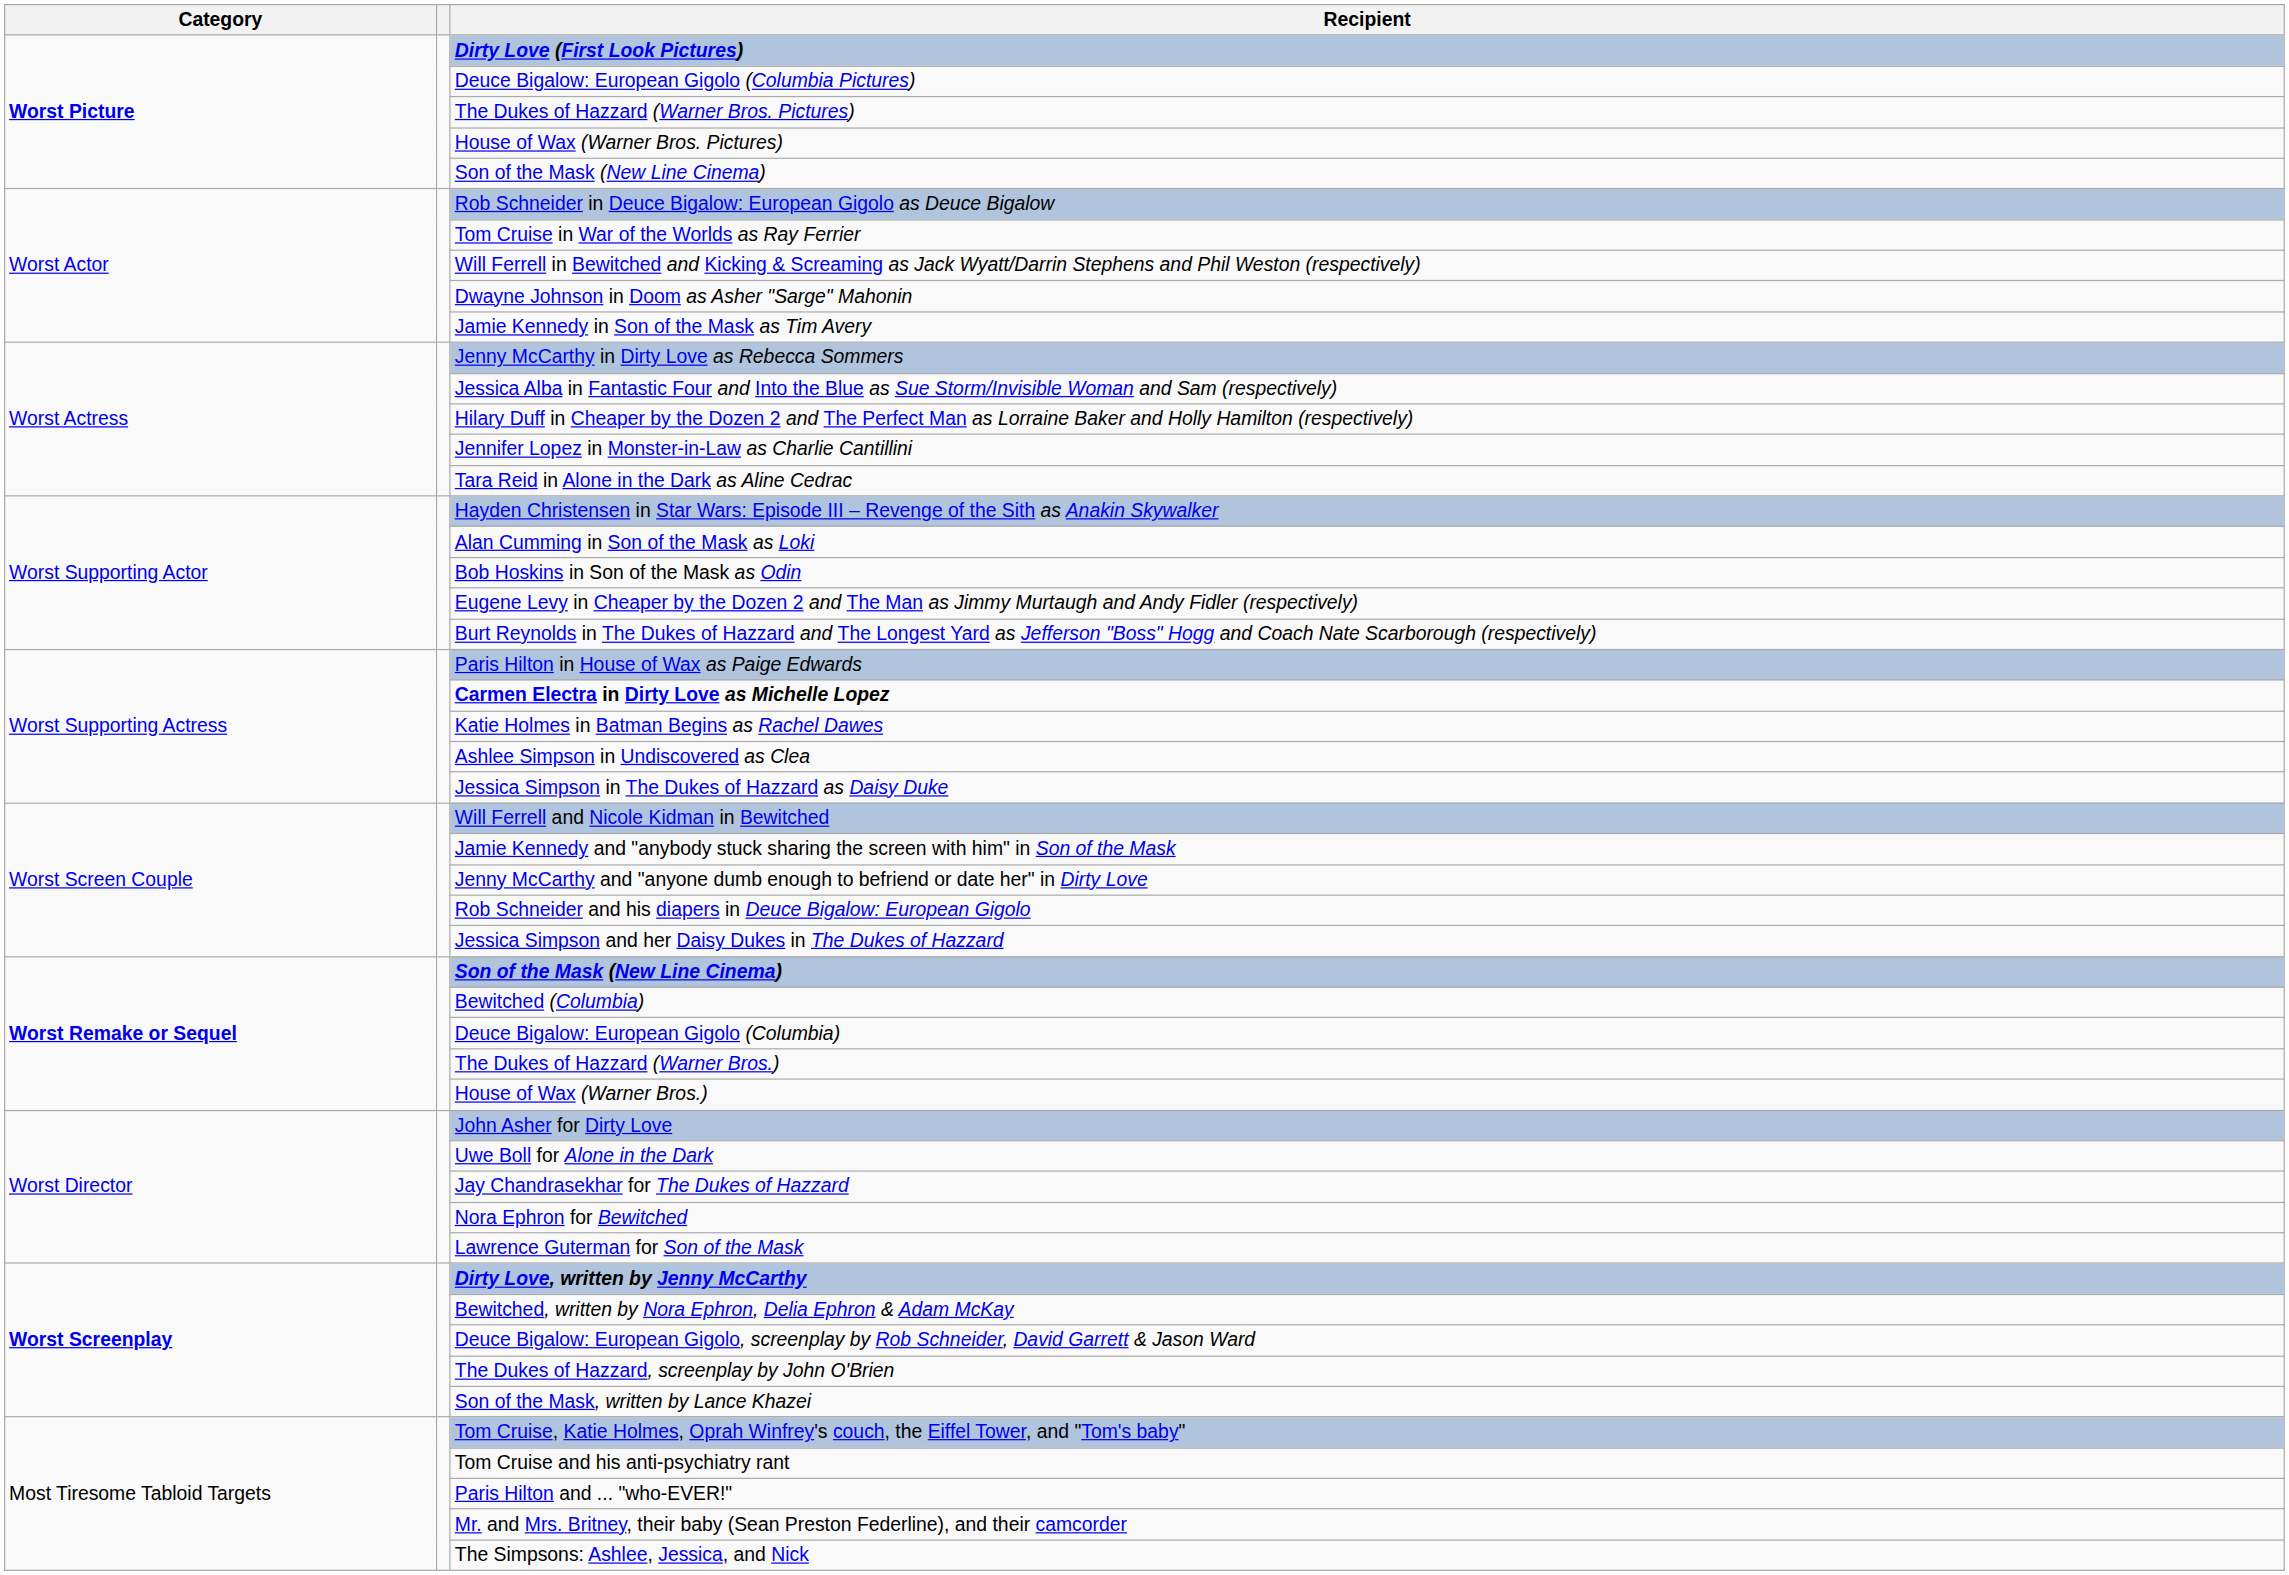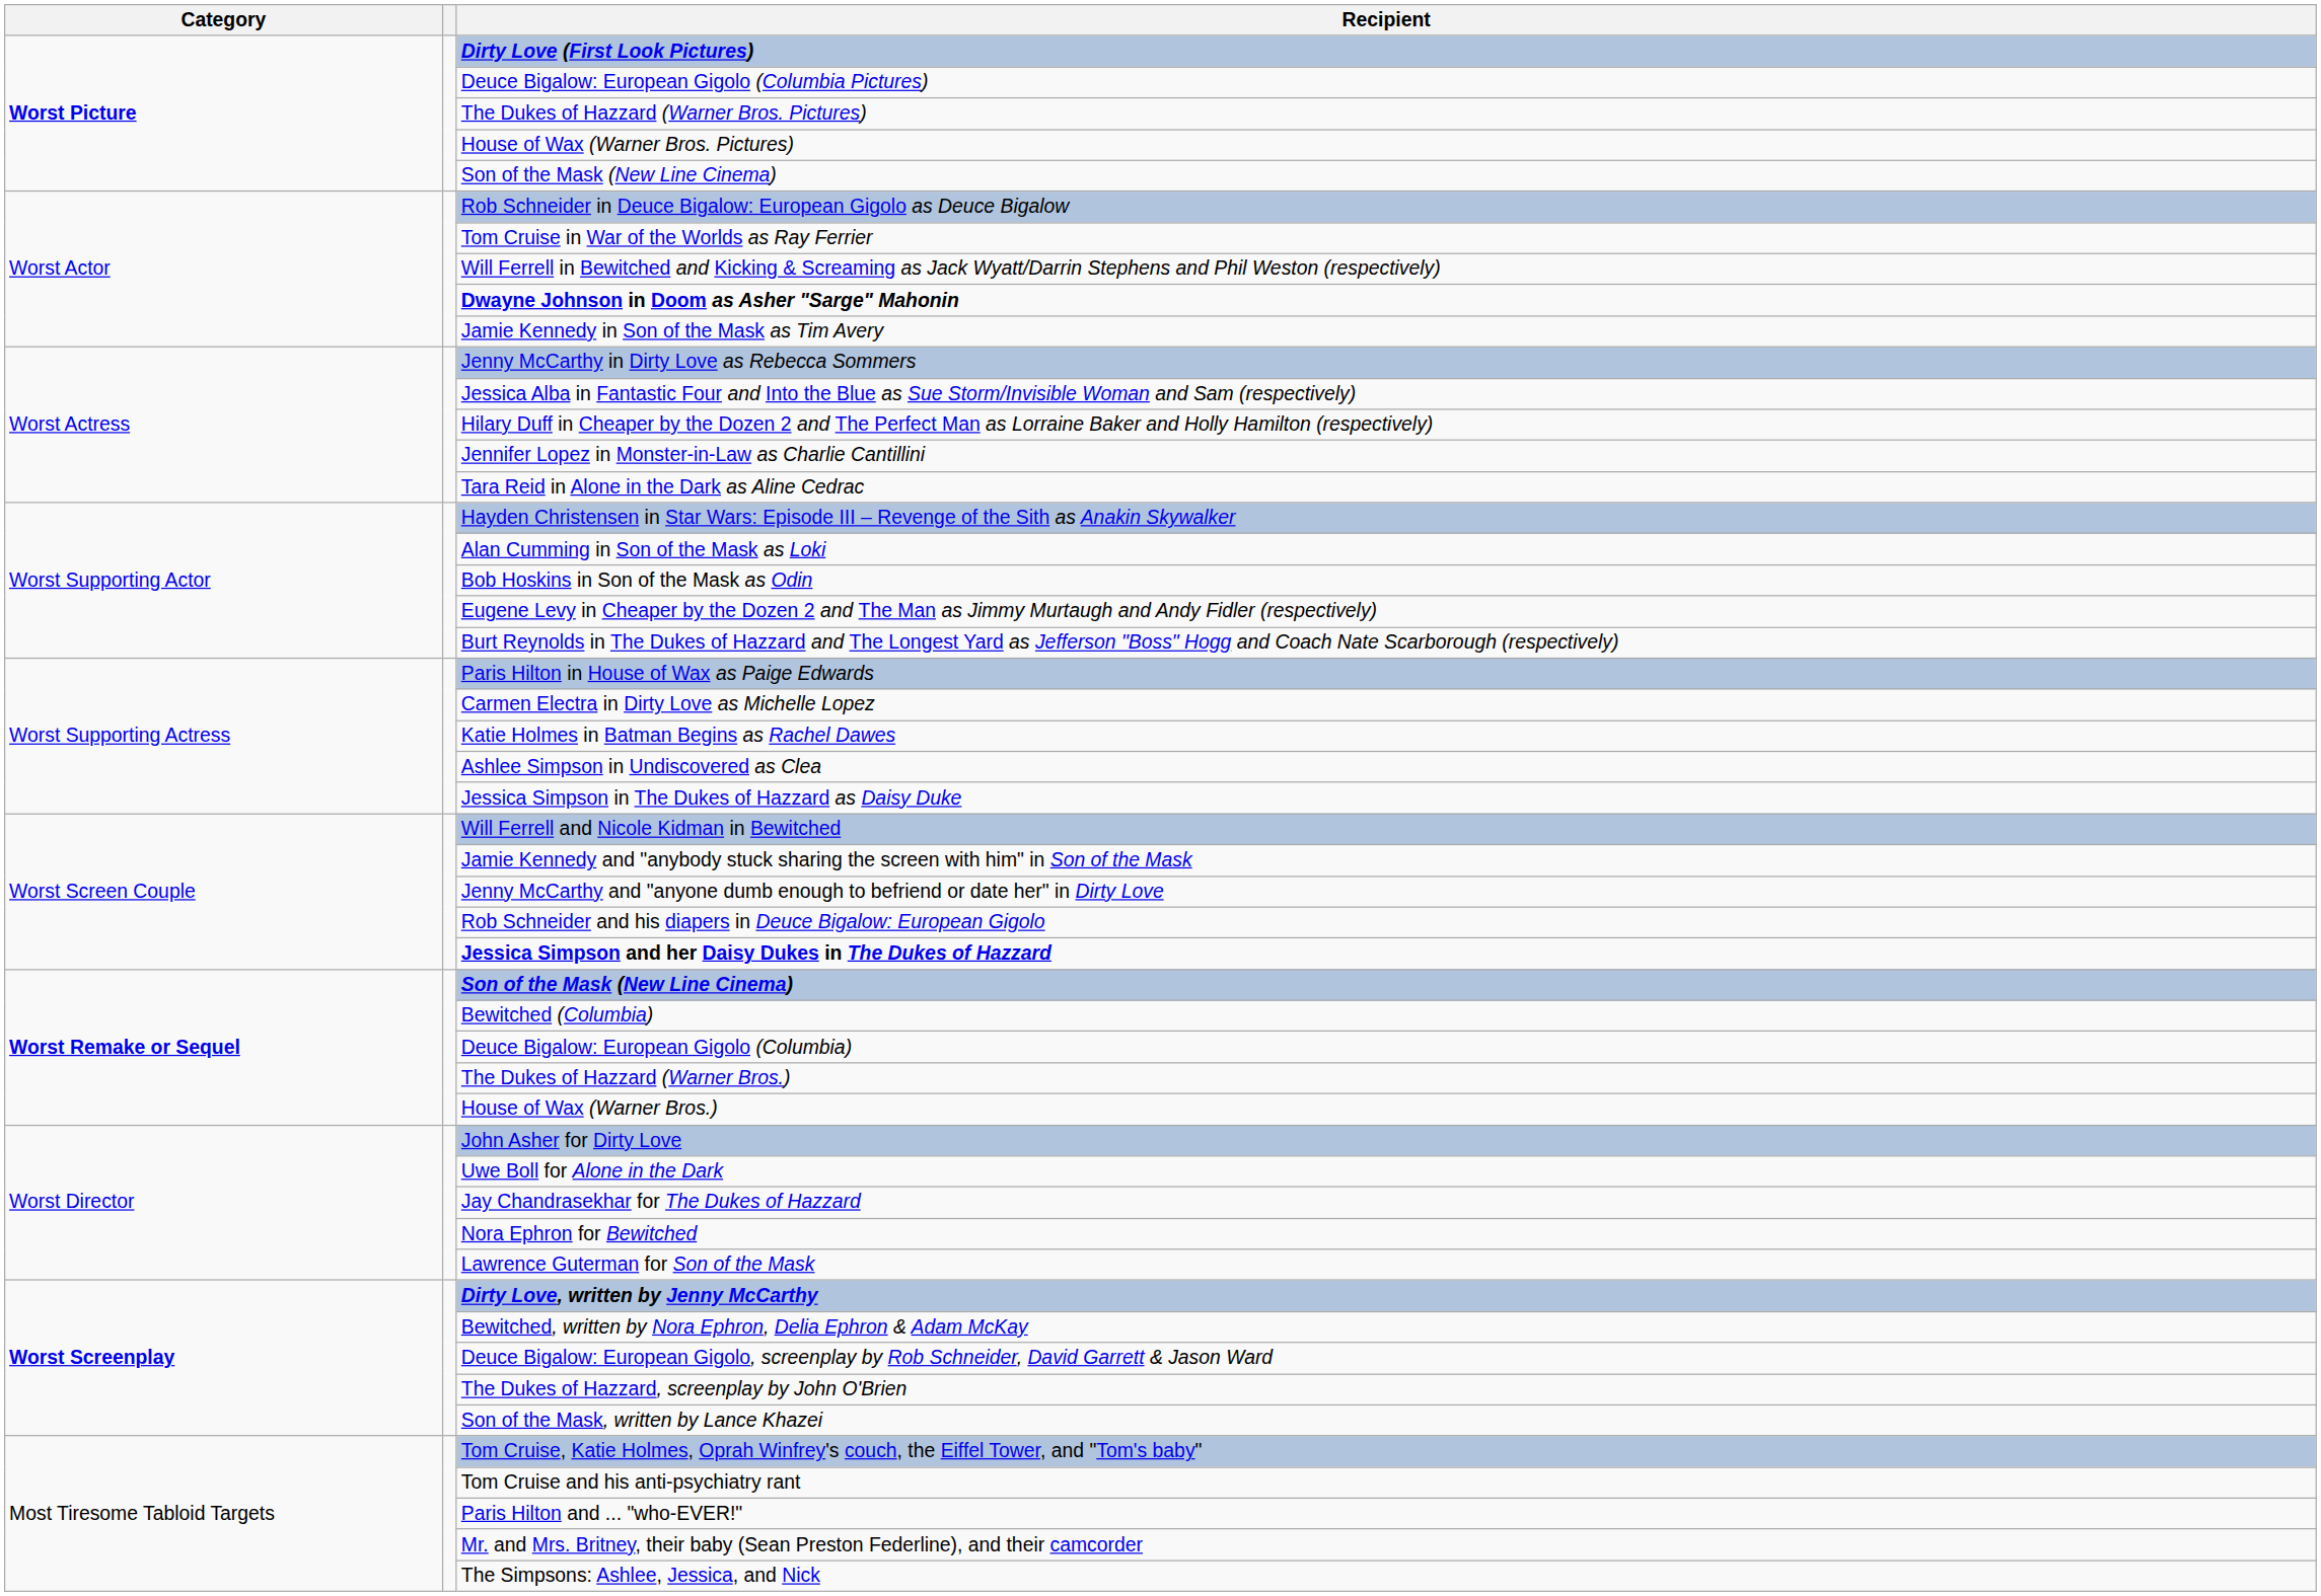 <table class="wikitable" width="95%" align="centre">
 <tr>
 <th>Category</th>
 <th></th>
 <th>Recipient</th>
 </tr>
 <tr>
 <td rowspan=5><strong><a href='#'>Worst Picture</a></strong></td>
 <td rowspan=5></td>
 <td style="background:#B0C4DE;"><strong><em><a href='#'>Dirty Love</a><em> (<a href='#'>First Look Pictures</a>)<strong></td>
 </tr>
 <tr>
 <td></em><a href='#'>Deuce Bigalow: European Gigolo</a><em> (<a href='#'>Columbia Pictures</a>)</td>
 </tr>
 <tr>
 <td></em><a href='#'>The Dukes of Hazzard</a><em> (<a href='#'>Warner Bros. Pictures</a>)</td>
 </tr>
 <tr>
 <td></em><a href='#'>House of Wax</a><em> (Warner Bros. Pictures)</td>
 </tr>
 <tr>
 <td></em><a href='#'>Son of the Mask</a><em> (<a href='#'>New Line Cinema</a>)</td>
 </tr>
 <tr>
 <td rowspan=5></strong><a href='#'>Worst Actor</a><strong></td>
 <td rowspan=5></td>
 <td style="background:#B0C4DE;"></strong><a href='#'>Rob Schneider</a> in </em><a href='#'>Deuce Bigalow: European Gigolo</a><em> as Deuce Bigalow<strong></td>
 </tr>
 <tr>
 <td><a href='#'>Tom Cruise</a> in </em><a href='#'>War of the Worlds</a><em> as Ray Ferrier</td>
 </tr>
 <tr>
 <td><a href='#'>Will Ferrell</a> in </em><a href='#'>Bewitched</a><em> and </em><a href='#'>Kicking & Screaming</a><em> as Jack Wyatt/Darrin Stephens and Phil Weston (respectively)</td>
 </tr>
 <tr>
-<td><a href='#'>Dwayne Johnson</a> in </em><a href='#'>Doom</a><em> as Asher "Sarge" Mahonin</td>
+<td><strong><a href='#'>Dwayne Johnson</a> in </em><a href='#'>Doom</a><em> as Asher "Sarge" Mahonin</strong></td>
 </tr>
 <tr>
 <td><a href='#'>Jamie Kennedy</a> in </em><a href='#'>Son of the Mask</a><em> as Tim Avery</td>
 </tr>
 <tr>
 <td rowspan=5></strong><a href='#'>Worst Actress</a><strong></td>
 <td rowspan=5></td>
 <td style="background:#B0C4DE;"></strong><a href='#'>Jenny McCarthy</a> in </em><a href='#'>Dirty Love</a><em> as Rebecca Sommers<strong></td>
 </tr>
 <tr>
 <td><a href='#'>Jessica Alba</a> in </em><a href='#'>Fantastic Four</a><em> and </em><a href='#'>Into the Blue</a><em> as <a href='#'>Sue Storm/Invisible Woman</a> and Sam (respectively)</td>
 </tr>
 <tr>
 <td><a href='#'>Hilary Duff</a> in </em><a href='#'>Cheaper by the Dozen 2</a><em> and </em><a href='#'>The Perfect Man</a><em> as Lorraine Baker and Holly Hamilton (respectively)</td>
 </tr>
 <tr>
 <td><a href='#'>Jennifer Lopez</a> in </em><a href='#'>Monster-in-Law</a><em> as Charlie Cantillini</td>
 </tr>
 <tr>
 <td><a href='#'>Tara Reid</a> in </em><a href='#'>Alone in the Dark</a><em> as Aline Cedrac</td>
 </tr>
 <tr>
 <td rowspan=5></strong><a href='#'>Worst Supporting Actor</a><strong></td>
 <td rowspan=5></td>
 <td style="background:#B0C4DE;"></strong><a href='#'>Hayden Christensen</a> in </em><a href='#'>Star Wars: Episode III – Revenge of the Sith</a><em> as <a href='#'>Anakin Skywalker</a><strong></td>
 </tr>
 <tr>
 <td><a href='#'>Alan Cumming</a> in </em><a href='#'>Son of the Mask</a><em> as <a href='#'>Loki</a></td>
 </tr>
 <tr>
 <td><a href='#'>Bob Hoskins</a> in </em>Son of the Mask<em> as <a href='#'>Odin</a></td>
 </tr>
 <tr>
 <td><a href='#'>Eugene Levy</a> in </em><a href='#'>Cheaper by the Dozen 2</a><em> and </em><a href='#'>The Man</a><em> as Jimmy Murtaugh and Andy Fidler (respectively)</td>
 </tr>
 <tr>
 <td><a href='#'>Burt Reynolds</a> in </em><a href='#'>The Dukes of Hazzard</a><em> and </em><a href='#'>The Longest Yard</a><em> as <a href='#'>Jefferson "Boss" Hogg</a> and Coach Nate Scarborough (respectively)</td>
 </tr>
 <tr>
 <td rowspan=5></strong><a href='#'>Worst Supporting Actress</a><strong></td>
 <td rowspan=5></td>
 <td style="background:#B0C4DE;"></strong><a href='#'>Paris Hilton</a> in </em><a href='#'>House of Wax</a><em> as Paige Edwards<strong></td>
 </tr>
 <tr>
-<td><strong><a href='#'>Carmen Electra</a> in </em><a href='#'>Dirty Love</a><em> as Michelle Lopez</strong></td>
+<td><a href='#'>Carmen Electra</a> in </em><a href='#'>Dirty Love</a><em> as Michelle Lopez</td>
 </tr>
 <tr>
 <td><a href='#'>Katie Holmes</a> in </em><a href='#'>Batman Begins</a><em> as <a href='#'>Rachel Dawes</a></td>
 </tr>
 <tr>
 <td><a href='#'>Ashlee Simpson</a> in </em><a href='#'>Undiscovered</a><em> as Clea</td>
 </tr>
 <tr>
 <td><a href='#'>Jessica Simpson</a> in </em><a href='#'>The Dukes of Hazzard</a><em> as <a href='#'>Daisy Duke</a></td>
 </tr>
 <tr>
 <td rowspan=5></strong><a href='#'>Worst Screen Couple</a><strong></td>
 <td rowspan=5></td>
 <td style="background:#B0C4DE;"></strong><a href='#'>Will Ferrell</a> and <a href='#'>Nicole Kidman</a> in </em><a href='#'>Bewitched</a></em></strong></td>
 </tr>
 <tr>
 <td><a href='#'>Jamie Kennedy</a> and "anybody stuck sharing the screen with him" in <em><a href='#'>Son of the Mask</a></em></td>
 </tr>
 <tr>
 <td><a href='#'>Jenny McCarthy</a> and "anyone dumb enough to befriend or date her" in <em><a href='#'>Dirty Love</a></em></td>
 </tr>
 <tr>
 <td><a href='#'>Rob Schneider</a> and his <a href='#'>diapers</a> in <em><a href='#'>Deuce Bigalow: European Gigolo</a></em></td>
 </tr>
 <tr>
-<td><a href='#'>Jessica Simpson</a> and her <a href='#'>Daisy Dukes</a> in <em><a href='#'>The Dukes of Hazzard</a></em></td>
+<td><strong><a href='#'>Jessica Simpson</a> and her <a href='#'>Daisy Dukes</a> in <em><a href='#'>The Dukes of Hazzard</a></em></strong></td>
 </tr>
 <tr>
 <td rowspan=5><strong><a href='#'>Worst Remake or Sequel</a></strong></td>
 <td rowspan=5></td>
 <td style="background:#B0C4DE;"><strong><em><a href='#'>Son of the Mask</a><em> (<a href='#'>New Line Cinema</a>)<strong></td>
 </tr>
 <tr>
 <td></em><a href='#'>Bewitched</a><em> (<a href='#'>Columbia</a>)</td>
 </tr>
 <tr>
 <td></em><a href='#'>Deuce Bigalow: European Gigolo</a><em> (Columbia)</td>
 </tr>
 <tr>
 <td></em><a href='#'>The Dukes of Hazzard</a><em> (<a href='#'>Warner Bros.</a>)</td>
 </tr>
 <tr>
 <td></em><a href='#'>House of Wax</a><em> (Warner Bros.)</td>
 </tr>
 <tr>
 <td rowspan=5></strong><a href='#'>Worst Director</a><strong></td>
 <td rowspan=5></td>
 <td style="background:#B0C4DE;"></strong><a href='#'>John Asher</a> for </em><a href='#'>Dirty Love</a></em></strong></td>
 </tr>
 <tr>
 <td><a href='#'>Uwe Boll</a> for <em><a href='#'>Alone in the Dark</a></em></td>
 </tr>
 <tr>
 <td><a href='#'>Jay Chandrasekhar</a> for <em><a href='#'>The Dukes of Hazzard</a></em></td>
 </tr>
 <tr>
 <td><a href='#'>Nora Ephron</a> for <em><a href='#'>Bewitched</a></em></td>
 </tr>
 <tr>
 <td><a href='#'>Lawrence Guterman</a> for <em><a href='#'>Son of the Mask</a></em></td>
 </tr>
 <tr>
 <td rowspan=5><strong><a href='#'>Worst Screenplay</a></strong></td>
 <td rowspan=5></td>
 <td style="background:#B0C4DE;"><strong><em><a href='#'>Dirty Love</a><em>, written by <a href='#'>Jenny McCarthy</a><strong></td>
 </tr>
 <tr>
 <td></em><a href='#'>Bewitched</a><em>, written by <a href='#'>Nora Ephron</a>, <a href='#'>Delia Ephron</a> & <a href='#'>Adam McKay</a></td>
 </tr>
 <tr>
 <td></em><a href='#'>Deuce Bigalow: European Gigolo</a><em>, screenplay by <a href='#'>Rob Schneider</a>, <a href='#'>David Garrett</a> & Jason Ward</td>
 </tr>
 <tr>
 <td></em><a href='#'>The Dukes of Hazzard</a><em>, screenplay by John O'Brien</td>
 </tr>
 <tr>
 <td></em><a href='#'>Son of the Mask</a><em>, written by Lance Khazei</td>
 </tr>
 <tr>
 <td rowspan=5></strong>Most Tiresome Tabloid Targets<strong></td>
 <td rowspan=5></td>
 <td style="background:#B0C4DE;"></strong><a href='#'>Tom Cruise</a>, <a href='#'>Katie Holmes</a>, <a href='#'>Oprah Winfrey</a>'s <a href='#'>cou</a><a href='#'>ch</a>, the <a href='#'>Eiffel Tower</a>, and "<a href='#'>Tom's baby</a>"<strong></td>
 </tr>
 <tr>
 <td>Tom Cruise and his anti-psychiatry rant</td>
 </tr>
 <tr>
 <td><a href='#'>Paris Hilton</a> and ... "who-EVER!"</td>
 </tr>
 <tr>
 <td><a href='#'>Mr.</a> and <a href='#'>Mrs. Britney</a>, their baby (Sean Preston Federline), and their <a href='#'>camcorder</a></td>
 </tr>
 <tr>
 <td>The Simpsons: <a href='#'>Ashlee</a>, <a href='#'>Jessica</a>, and <a href='#'>Nick</a></td>
 </tr>
 </table>
